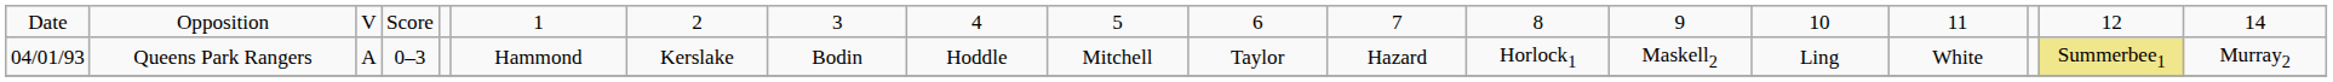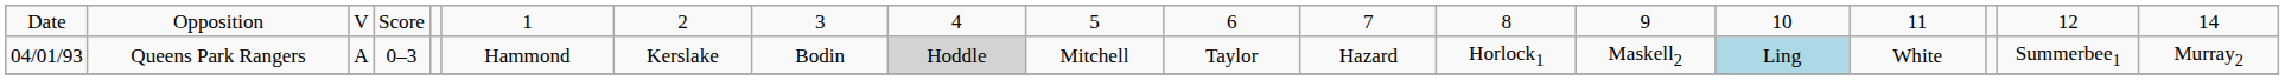 <table class="wikitable" style="font-size: 70%; text-align: center;">
 <tr style="text-align:center;">
 <td style="width:10px; ">Date</td>
 <td style="width:150px; ">Opposition</td>
 <td style="width:5px; ">V</td>
 <td style="width:5px; ">Score</td>
 <td style="width:1px; text-align:center;"></td>
 <td style="width:95px; ">1</td>
 <td style="width:75px; ">2</td>
 <td style="width:75px; ">3</td>
 <td style="width:75px; ">4</td>
 <td style="width:75px; ">5</td>
 <td style="width:75px; ">6</td>
 <td style="width:75px; ">7</td>
 <td style="width:75px; ">8</td>
 <td style="width:75px; ">9</td>
 <td style="width:75px; ">10</td>
 <td style="width:75px; ">11</td>
 <td style="width:1px; text-align:center;"></td>
 <td style="width:75px; ">12</td>
 <td style="width:75px; ">14</td>
 </tr>
 <tr>
 <td>04/01/93</td>
 <td>Queens Park Rangers</td>
 <td>A</td>
 <td>0–3</td>
 <td></td>
 <td>Hammond</td>
 <td>Kerslake</td>
 <td>Bodin</td>
-<td>Hoddle</td>
+<td style="background: lightgrey;">Hoddle</td>
 <td>Mitchell</td>
 <td>Taylor</td>
 <td>Hazard</td>
 <td>Horlock<sub>1</sub></td>
 <td>Maskell<sub>2</sub></td>
-<td>Ling</td>
+<td style="background: lightblue;">Ling</td>
 <td>White</td>
 <td></td>
-<td style="background: khaki;">Summerbee<sub>1</sub></td>
+<td>Summerbee<sub>1</sub></td>
 <td>Murray<sub>2</sub></td>
 </tr>
 <tr>
 </tr>
 </table>
